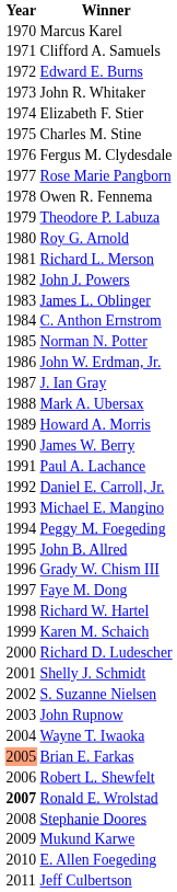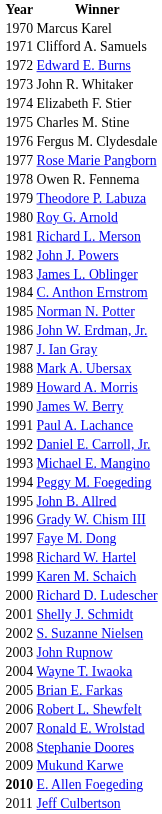 <table>
 <tr>
 <th>Year</th>
 <th>Winner</th>
 </tr>
 <tr>
 <td>1970</td>
 <td>Marcus Karel</td>
 </tr>
 <tr>
 <td>1971</td>
 <td>Clifford A. Samuels</td>
 </tr>
 <tr>
 <td>1972</td>
 <td><a href='#'>Edward E. Burns</a></td>
 </tr>
 <tr>
 <td>1973</td>
 <td>John R. Whitaker</td>
 </tr>
 <tr>
 <td>1974</td>
 <td>Elizabeth F. Stier</td>
 </tr>
 <tr>
 <td>1975</td>
 <td>Charles M. Stine</td>
 </tr>
 <tr>
 <td>1976</td>
 <td>Fergus M. Clydesdale</td>
 </tr>
 <tr>
 <td>1977</td>
 <td><a href='#'>Rose Marie Pangborn</a></td>
 </tr>
 <tr>
 <td>1978</td>
 <td>Owen R. Fennema</td>
 </tr>
 <tr>
 <td>1979</td>
 <td><a href='#'>Theodore P. Labuza</a></td>
 </tr>
 <tr>
 <td>1980</td>
 <td><a href='#'>Roy G. Arnold</a></td>
 </tr>
 <tr>
 <td>1981</td>
 <td><a href='#'>Richard L. Merson</a></td>
 </tr>
 <tr>
 <td>1982</td>
 <td><a href='#'>John J. Powers</a></td>
 </tr>
 <tr>
 <td>1983</td>
 <td><a href='#'>James L. Oblinger</a></td>
 </tr>
 <tr>
 <td>1984</td>
 <td><a href='#'>C. Anthon Ernstrom</a></td>
 </tr>
 <tr>
 <td>1985</td>
 <td><a href='#'>Norman N. Potter</a></td>
 </tr>
 <tr>
 <td>1986</td>
 <td><a href='#'>John W. Erdman, Jr.</a></td>
 </tr>
 <tr>
 <td>1987</td>
 <td><a href='#'>J. Ian Gray</a></td>
 </tr>
 <tr>
 <td>1988</td>
 <td><a href='#'>Mark A. Ubersax</a></td>
 </tr>
 <tr>
 <td>1989</td>
 <td><a href='#'>Howard A. Morris</a></td>
 </tr>
 <tr>
 <td>1990</td>
 <td><a href='#'>James W. Berry</a></td>
 </tr>
 <tr>
 <td>1991</td>
 <td><a href='#'>Paul A. Lachance</a></td>
 </tr>
 <tr>
 <td>1992</td>
 <td><a href='#'>Daniel E. Carroll, Jr.</a></td>
 </tr>
 <tr>
 <td>1993</td>
 <td><a href='#'>Michael E. Mangino</a></td>
 </tr>
 <tr>
 <td>1994</td>
 <td><a href='#'>Peggy M. Foegeding</a></td>
 </tr>
 <tr>
 <td>1995</td>
 <td><a href='#'>John B. Allred</a></td>
 </tr>
 <tr>
 <td>1996</td>
 <td><a href='#'>Grady W. Chism III</a></td>
 </tr>
 <tr>
 <td>1997</td>
 <td><a href='#'>Faye M. Dong</a></td>
 </tr>
 <tr>
 <td>1998</td>
 <td><a href='#'>Richard W. Hartel</a></td>
 </tr>
 <tr>
 <td>1999</td>
 <td><a href='#'>Karen M. Schaich</a></td>
 </tr>
 <tr>
 <td>2000</td>
 <td><a href='#'>Richard D. Ludescher</a></td>
 </tr>
 <tr>
 <td>2001</td>
 <td><a href='#'>Shelly J. Schmidt</a></td>
 </tr>
 <tr>
 <td>2002</td>
 <td><a href='#'>S. Suzanne Nielsen</a></td>
 </tr>
 <tr>
 <td>2003</td>
 <td><a href='#'>John Rupnow</a></td>
 </tr>
 <tr>
 <td>2004</td>
 <td><a href='#'>Wayne T. Iwaoka</a></td>
 </tr>
 <tr>
-<td style="background: lightsalmon;">2005</td>
+<td>2005</td>
 <td><a href='#'>Brian E. Farkas</a></td>
 </tr>
 <tr>
 <td>2006</td>
 <td><a href='#'>Robert L. Shewfelt</a></td>
 </tr>
 <tr>
-<td><strong>2007</strong></td>
+<td>2007</td>
 <td><a href='#'>Ronald E. Wrolstad</a></td>
 </tr>
 <tr>
 <td>2008</td>
 <td><a href='#'>Stephanie Doores</a></td>
 </tr>
 <tr>
 <td>2009</td>
 <td><a href='#'>Mukund Karwe</a></td>
 </tr>
 <tr>
-<td>2010</td>
+<td><strong>2010</strong></td>
 <td><a href='#'>E. Allen Foegeding</a></td>
 </tr>
 <tr>
 <td>2011</td>
 <td><a href='#'>Jeff Culbertson</a></td>
 </tr>
 </table>
